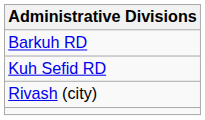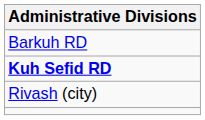 <table class="wikitable">
 <tr>
 <th>Administrative Divisions</th>
 </tr>
 <tr>
 <td><a href='#'>Barkuh RD</a></td>
 </tr>
 <tr>
-<td><a href='#'>Kuh Sefid RD</a></td>
+<td><strong><a href='#'>Kuh Sefid RD</a></strong></td>
 </tr>
 <tr>
 <td><a href='#'>Rivash</a> (city)</td>
 </tr>
 <tr>
 <td colspan=1></td>
 </tr>
 </table>
